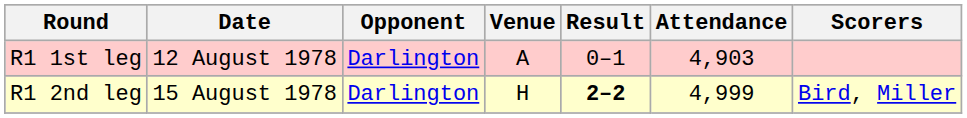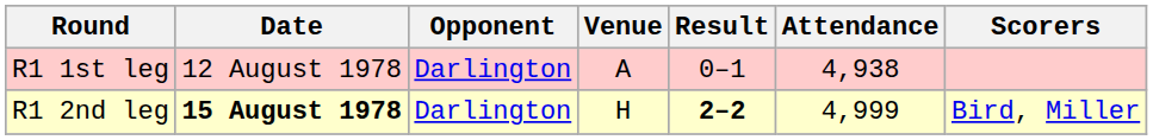 <table class="wikitable" style="font-size:100%; text-align:center">
 <tr>
 <th>Round</th>
 <th>Date</th>
 <th>Opponent</th>
 <th>Venue</th>
 <th>Result</th>
 <th>Attendance</th>
 <th>Scorers</th>
 </tr>
 <tr style="background-color: #FFCCCC;">
 <td>R1 1st leg</td>
 <td>12 August 1978</td>
 <td><a href='#'>Darlington</a></td>
 <td>A</td>
 <td>0–1</td>
-<td>4,903</td>
+<td>4,938</td>
 <td></td>
 </tr>
 <tr style="background-color: #FFFFCC;">
 <td>R1 2nd leg</td>
-<td>15 August 1978</td>
+<td><strong>15 August 1978</strong></td>
 <td><a href='#'>Darlington</a></td>
 <td>H</td>
 <td><strong>2–2</strong></td>
 <td>4,999</td>
 <td><a href='#'>Bird</a>, <a href='#'>Miller</a></td>
 </tr>
 </table>
